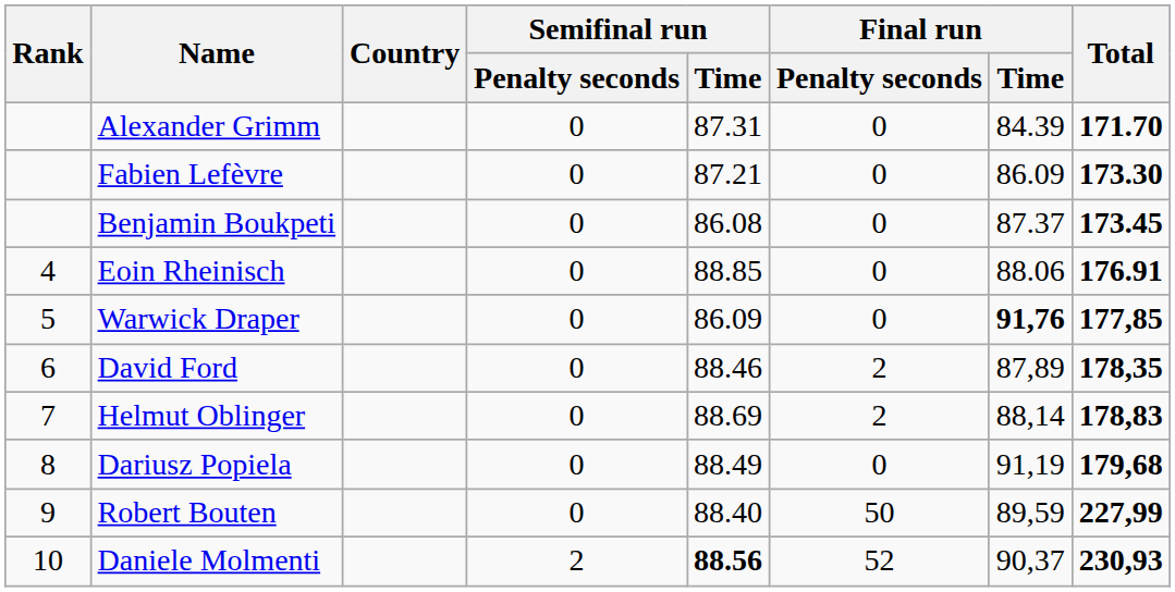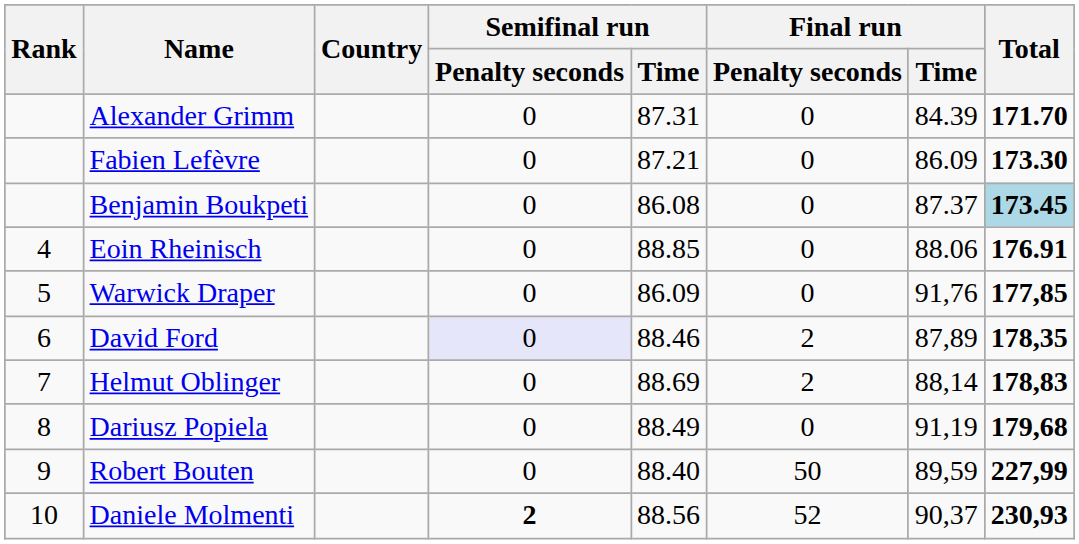 <table class="wikitable sortable" style="text-align:center">
 <tr>
 <th rowspan=2>Rank</th>
 <th rowspan=2>Name</th>
 <th rowspan=2>Country</th>
 <th colspan=2>Semifinal run</th>
 <th colspan=2>Final run</th>
 <th rowspan=2>Total</th>
 </tr>
 <tr>
 <th>Penalty seconds</th>
 <th>Time</th>
 <th>Penalty seconds</th>
 <th>Time</th>
 </tr>
 <tr>
 <td></td>
 <td align=left><a href='#'>Alexander Grimm</a></td>
 <td></td>
 <td>0</td>
 <td>87.31</td>
 <td>0</td>
 <td>84.39</td>
 <td><strong>171.70</strong></td>
 </tr>
 <tr>
 <td></td>
 <td align=left><a href='#'>Fabien Lefèvre</a></td>
 <td></td>
 <td>0</td>
 <td>87.21</td>
 <td>0</td>
 <td>86.09</td>
 <td><strong>173.30</strong></td>
 </tr>
 <tr>
 <td></td>
 <td align=left><a href='#'>Benjamin Boukpeti</a></td>
 <td></td>
 <td>0</td>
 <td>86.08</td>
 <td>0</td>
 <td>87.37</td>
-<td><strong>173.45</strong></td>
+<td style="background: lightblue;"><strong>173.45</strong></td>
 </tr>
 <tr>
 <td>4</td>
 <td align=left><a href='#'>Eoin Rheinisch</a></td>
 <td></td>
 <td>0</td>
 <td>88.85</td>
 <td>0</td>
 <td>88.06</td>
 <td><strong>176.91</strong></td>
 </tr>
 <tr>
 <td>5</td>
 <td align=left><a href='#'>Warwick Draper</a></td>
 <td></td>
 <td>0</td>
 <td>86.09</td>
 <td>0</td>
-<td><strong>91,76</strong></td>
+<td>91,76</td>
 <td><strong>177,85</strong></td>
 </tr>
 <tr>
 <td>6</td>
 <td align=left><a href='#'>David Ford</a></td>
 <td></td>
-<td>0</td>
+<td style="background: lavender;">0</td>
 <td>88.46</td>
 <td>2</td>
 <td>87,89</td>
 <td><strong>178,35</strong></td>
 </tr>
 <tr>
 <td>7</td>
 <td align=left><a href='#'>Helmut Oblinger</a></td>
 <td></td>
 <td>0</td>
 <td>88.69</td>
 <td>2</td>
 <td>88,14</td>
 <td><strong>178,83</strong></td>
 </tr>
 <tr>
 <td>8</td>
 <td align=left><a href='#'>Dariusz Popiela</a></td>
 <td></td>
 <td>0</td>
 <td>88.49</td>
 <td>0</td>
 <td>91,19</td>
 <td><strong>179,68</strong></td>
 </tr>
 <tr>
 <td>9</td>
 <td align=left><a href='#'>Robert Bouten</a></td>
 <td></td>
 <td>0</td>
 <td>88.40</td>
 <td>50</td>
 <td>89,59</td>
 <td><strong>227,99</strong></td>
 </tr>
 <tr>
 <td>10</td>
 <td align=left><a href='#'>Daniele Molmenti</a></td>
 <td></td>
-<td>2</td>
-<td><strong>88.56</strong></td>
+<td><strong>2</strong></td>
+<td>88.56</td>
 <td>52</td>
 <td>90,37</td>
 <td><strong>230,93</strong></td>
 </tr>
 </table>
